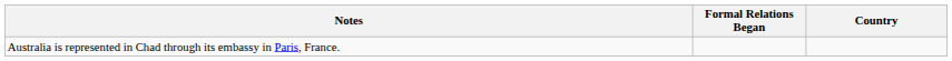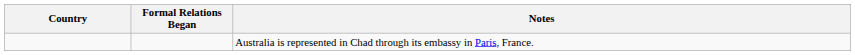 <table class="wikitable sortable" style="width:100%; margin:auto;">
 <tr>
+<th style="width:15%;">Country</th>
+<th style="width:12%;">Formal Relations Began</th>
 <th>Notes</th>
-<th style="width:12%;">Formal Relations Began</th>
-<th style="width:15%;">Country</th>
 </tr>
 <tr valign="top">
-<td>Australia is represented in Chad through its embassy in <a href='#'>Paris</a>, France.</td>
 <td></td>
 <td></td>
+<td>Australia is represented in Chad through its embassy in <a href='#'>Paris</a>, France.</td>
 </tr>
 </table>
